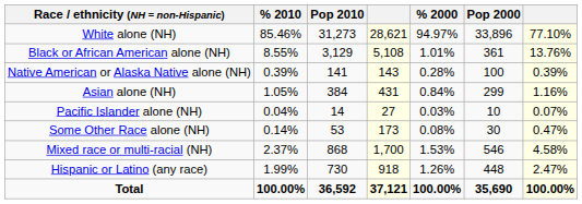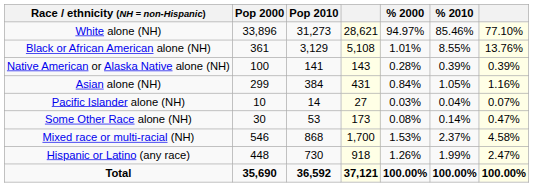 <table class="wikitable" style="text-align:center;">
 <tr>
 <th>Race / ethnicity <small>(<em>NH = non-Hispanic</em>)</small></th>
-<th>% 2010</th>
+<th>Pop 2000</th>
 <th>Pop 2010</th>
 <th></th>
 <th>% 2000</th>
-<th>Pop 2000</th>
+<th>% 2010</th>
 <th></th>
 </tr>
 <tr>
 <td><a href='#'>White</a> alone (NH)</td>
-<td>85.46%</td>
+<td>33,896</td>
 <td>31,273</td>
 <td style='background: #ffffe6;'>28,621</td>
 <td>94.97%</td>
-<td>33,896</td>
+<td>85.46%</td>
 <td style='background: #ffffe6;'>77.10%</td>
 </tr>
 <tr>
 <td><a href='#'>Black or African American</a> alone (NH)</td>
-<td>8.55%</td>
+<td>361</td>
 <td>3,129</td>
 <td style='background: #ffffe6;'>5,108</td>
 <td>1.01%</td>
-<td>361</td>
+<td>8.55%</td>
 <td style='background: #ffffe6;'>13.76%</td>
 </tr>
 <tr>
 <td><a href='#'>Native American</a> or <a href='#'>Alaska Native</a> alone (NH)</td>
-<td>0.39%</td>
+<td>100</td>
 <td>141</td>
 <td style='background: #ffffe6;'>143</td>
 <td>0.28%</td>
-<td>100</td>
+<td>0.39%</td>
 <td style='background: #ffffe6;'>0.39%</td>
 </tr>
 <tr>
 <td><a href='#'>Asian</a> alone (NH)</td>
-<td>1.05%</td>
+<td>299</td>
 <td>384</td>
 <td style='background: #ffffe6;'>431</td>
 <td>0.84%</td>
-<td>299</td>
+<td>1.05%</td>
 <td style='background: #ffffe6;'>1.16%</td>
 </tr>
 <tr>
 <td><a href='#'>Pacific Islander</a> alone (NH)</td>
-<td>0.04%</td>
+<td>10</td>
 <td>14</td>
 <td style='background: #ffffe6;'>27</td>
 <td>0.03%</td>
-<td>10</td>
+<td>0.04%</td>
 <td style='background: #ffffe6;'>0.07%</td>
 </tr>
 <tr>
 <td><a href='#'>Some Other Race</a> alone (NH)</td>
-<td>0.14%</td>
+<td>30</td>
 <td>53</td>
 <td style='background: #ffffe6;'>173</td>
 <td>0.08%</td>
-<td>30</td>
+<td>0.14%</td>
 <td style='background: #ffffe6;'>0.47%</td>
 </tr>
 <tr>
 <td><a href='#'>Mixed race or multi-racial</a> (NH)</td>
-<td>2.37%</td>
+<td>546</td>
 <td>868</td>
 <td style='background: #ffffe6;'>1,700</td>
 <td>1.53%</td>
-<td>546</td>
+<td>2.37%</td>
 <td style='background: #ffffe6;'>4.58%</td>
 </tr>
 <tr>
 <td><a href='#'>Hispanic or Latino</a> (any race)</td>
-<td>1.99%</td>
+<td>448</td>
 <td>730</td>
 <td style='background: #ffffe6;'>918</td>
 <td>1.26%</td>
-<td>448</td>
+<td>1.99%</td>
 <td style='background: #ffffe6;'>2.47%</td>
 </tr>
 <tr>
 <td><strong>Total</strong></td>
-<td><strong>100.00%</strong></td>
+<td><strong>35,690</strong></td>
 <td><strong>36,592</strong></td>
 <td style='background: #ffffe6;'><strong>37,121</strong></td>
 <td><strong>100.00%</strong></td>
-<td><strong>35,690</strong></td>
+<td><strong>100.00%</strong></td>
 <td style='background: #ffffe6;'><strong>100.00%</strong></td>
 </tr>
 </table>
